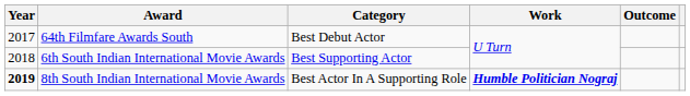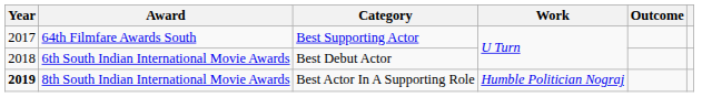 <table class="wikitable sortable">
 <tr>
 <th>Year</th>
 <th>Award</th>
 <th>Category</th>
 <th>Work</th>
 <th>Outcome</th>
 <th scope="col" class="unsortable"></th>
 </tr>
 <tr>
 <td>2017</td>
 <td><a href='#'>64th Filmfare Awards South</a></td>
-<td>Best Debut Actor</td>
+<td><a href='#'>Best Supporting Actor</a></td>
 <td rowspan="2"><em><a href='#'>U Turn</a></em></td>
 <td></td>
 <td style="text-align:center;"></td>
 </tr>
 <tr>
 <td>2018</td>
 <td><a href='#'>6th South Indian International Movie Awards</a></td>
-<td><a href='#'>Best Supporting Actor</a></td>
+<td>Best Debut Actor</td>
 <td></td>
 <td style="text-align:center;"></td>
 </tr>
 <tr>
 <td><strong>2019</strong></td>
 <td><a href='#'>8th South Indian International Movie Awards</a></td>
 <td>Best Actor In A Supporting Role</td>
-<td><strong><em><a href='#'>Humble Politician Nograj</a></em></strong></td>
+<td><em><a href='#'>Humble Politician Nograj</a></em></td>
 <td></td>
 <td style="text-align:center;"></td>
 </tr>
 </table>
